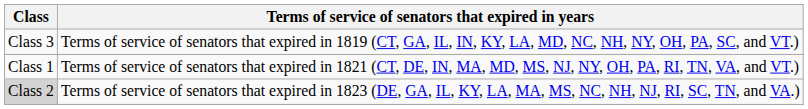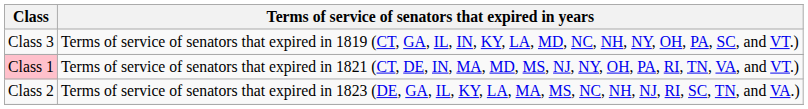 <table class="wikitable sortable">
 <tr valign=bottom>
 <th>Class</th>
 <th>Terms of service of senators that expired in years</th>
 </tr>
 <tr>
 <td>Class 3</td>
 <td>Terms of service of senators that expired in 1819 (<a href='#'>CT</a>, <a href='#'>GA</a>, <a href='#'>IL</a>, <a href='#'>IN</a>, <a href='#'>KY</a>, <a href='#'>LA</a>, <a href='#'>MD</a>, <a href='#'>NC</a>, <a href='#'>NH</a>, <a href='#'>NY</a>, <a href='#'>OH</a>, <a href='#'>PA</a>, <a href='#'>SC</a>, and <a href='#'>VT</a>.)</td>
 </tr>
 <tr>
 </tr>
 <tr>
-<td>Class 1</td>
+<td style="background: pink;">Class 1</td>
 <td>Terms of service of senators that expired in 1821 (<a href='#'>CT</a>, <a href='#'>DE</a>, <a href='#'>IN</a>, <a href='#'>MA</a>, <a href='#'>MD</a>, <a href='#'>MS</a>, <a href='#'>NJ</a>, <a href='#'>NY</a>, <a href='#'>OH</a>, <a href='#'>PA</a>, <a href='#'>RI</a>, <a href='#'>TN</a>, <a href='#'>VA</a>, and <a href='#'>VT</a>.)</td>
 </tr>
 <tr>
-<td style="background: lightgrey;">Class 2</td>
+<td>Class 2</td>
 <td>Terms of service of senators that expired in 1823 (<a href='#'>DE</a>, <a href='#'>GA</a>, <a href='#'>IL</a>, <a href='#'>KY</a>, <a href='#'>LA</a>, <a href='#'>MA</a>, <a href='#'>MS</a>, <a href='#'>NC</a>, <a href='#'>NH</a>, <a href='#'>NJ</a>, <a href='#'>RI</a>, <a href='#'>SC</a>, <a href='#'>TN</a>, and <a href='#'>VA</a>.)</td>
 </tr>
 <tr>
 </tr>
 </table>
